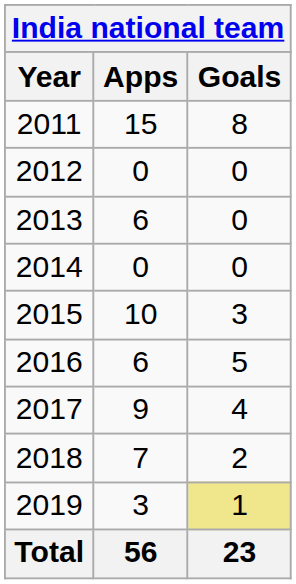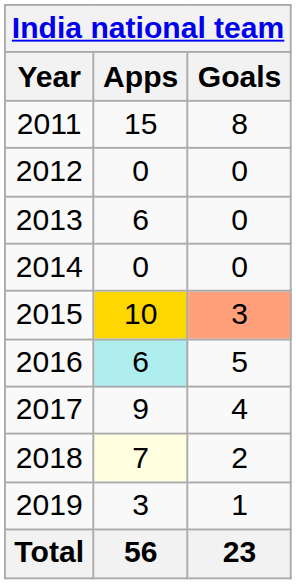 <table class="wikitable" style="text-align:center">
 <tr>
 <th colspan=3><a href='#'>India national team</a></th>
 </tr>
 <tr>
 <th>Year</th>
 <th>Apps</th>
 <th>Goals</th>
 </tr>
 <tr>
 <td>2011</td>
 <td>15</td>
 <td>8</td>
 </tr>
 <tr>
 <td>2012</td>
 <td>0</td>
 <td>0</td>
 </tr>
 <tr>
 <td>2013</td>
 <td>6</td>
 <td>0</td>
 </tr>
 <tr>
 <td>2014</td>
 <td>0</td>
 <td>0</td>
 </tr>
 <tr>
 <td>2015</td>
-<td>10</td>
-<td>3</td>
+<td style="background: gold;">10</td>
+<td style="background: lightsalmon;">3</td>
 </tr>
 <tr>
 <td>2016</td>
-<td>6</td>
+<td style="background: paleturquoise;">6</td>
 <td>5</td>
 </tr>
 <tr>
 <td>2017</td>
 <td>9</td>
 <td>4</td>
 </tr>
 <tr>
 <td>2018</td>
-<td>7</td>
+<td style="background: lightyellow;">7</td>
 <td>2</td>
 </tr>
 <tr>
 <td>2019</td>
 <td>3</td>
-<td style="background: khaki;">1</td>
+<td>1</td>
 </tr>
 <tr>
 <th>Total</th>
 <th>56</th>
 <th>23</th>
 </tr>
 </table>
